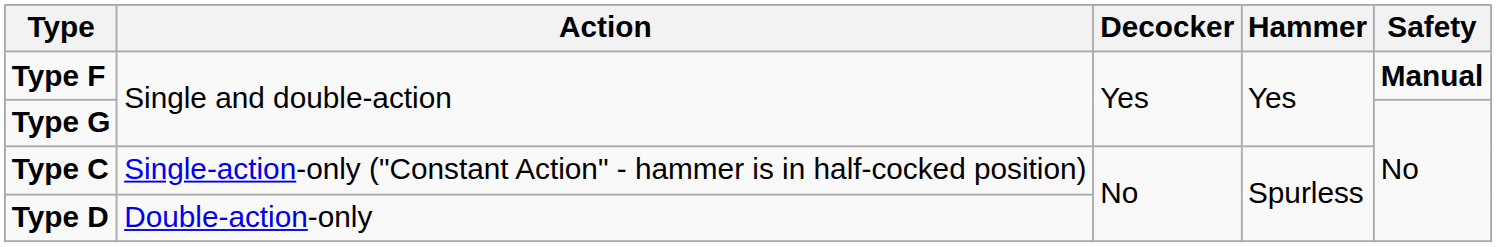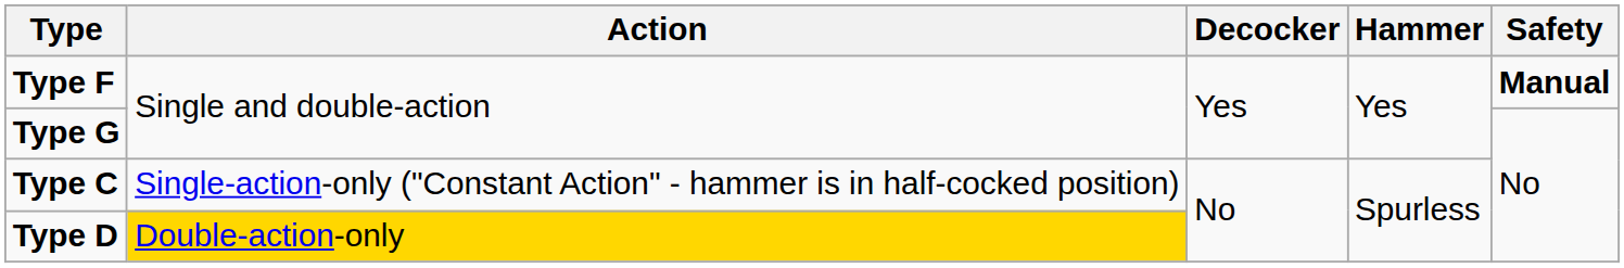 <table class="wikitable">
 <tr>
 <th>Type</th>
 <th>Action</th>
 <th>Decocker</th>
 <th>Hammer</th>
 <th>Safety</th>
 </tr>
 <tr>
 <td><strong>Type F</strong></td>
 <td rowspan="2">Single and double-action</td>
 <td rowspan="2">Yes</td>
 <td rowspan="2">Yes</td>
 <td><strong>Manual</strong></td>
 </tr>
 <tr>
 <td><strong>Type G</strong></td>
 <td rowspan="3">No</td>
 </tr>
 <tr>
 <td><strong>Type C</strong></td>
 <td><a href='#'>Single-action</a>-only ("Constant Action" - hammer is in half-cocked position)</td>
 <td rowspan="2">No</td>
 <td rowspan="2">Spurless</td>
 </tr>
 <tr>
 <td><strong>Type D</strong></td>
-<td><a href='#'>Double-action</a>-only</td>
+<td style="background: gold;"><a href='#'>Double-action</a>-only</td>
 </tr>
 </table>
